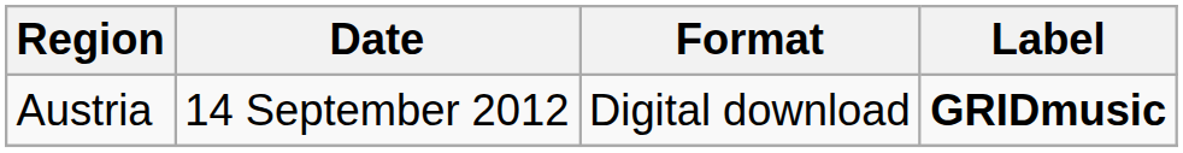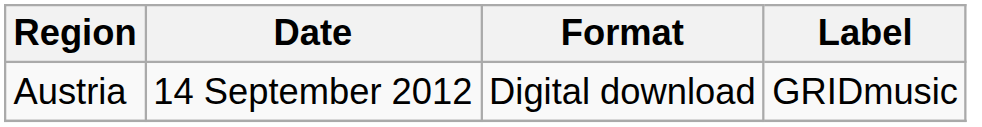 <table class=wikitable>
 <tr>
 <th>Region</th>
 <th>Date</th>
 <th>Format</th>
 <th>Label</th>
 </tr>
 <tr>
 <td>Austria</td>
 <td>14 September 2012</td>
 <td>Digital download</td>
-<td><strong>GRIDmusic</strong></td>
+<td>GRIDmusic</td>
 </tr>
 <tr>
 </tr>
 </table>
